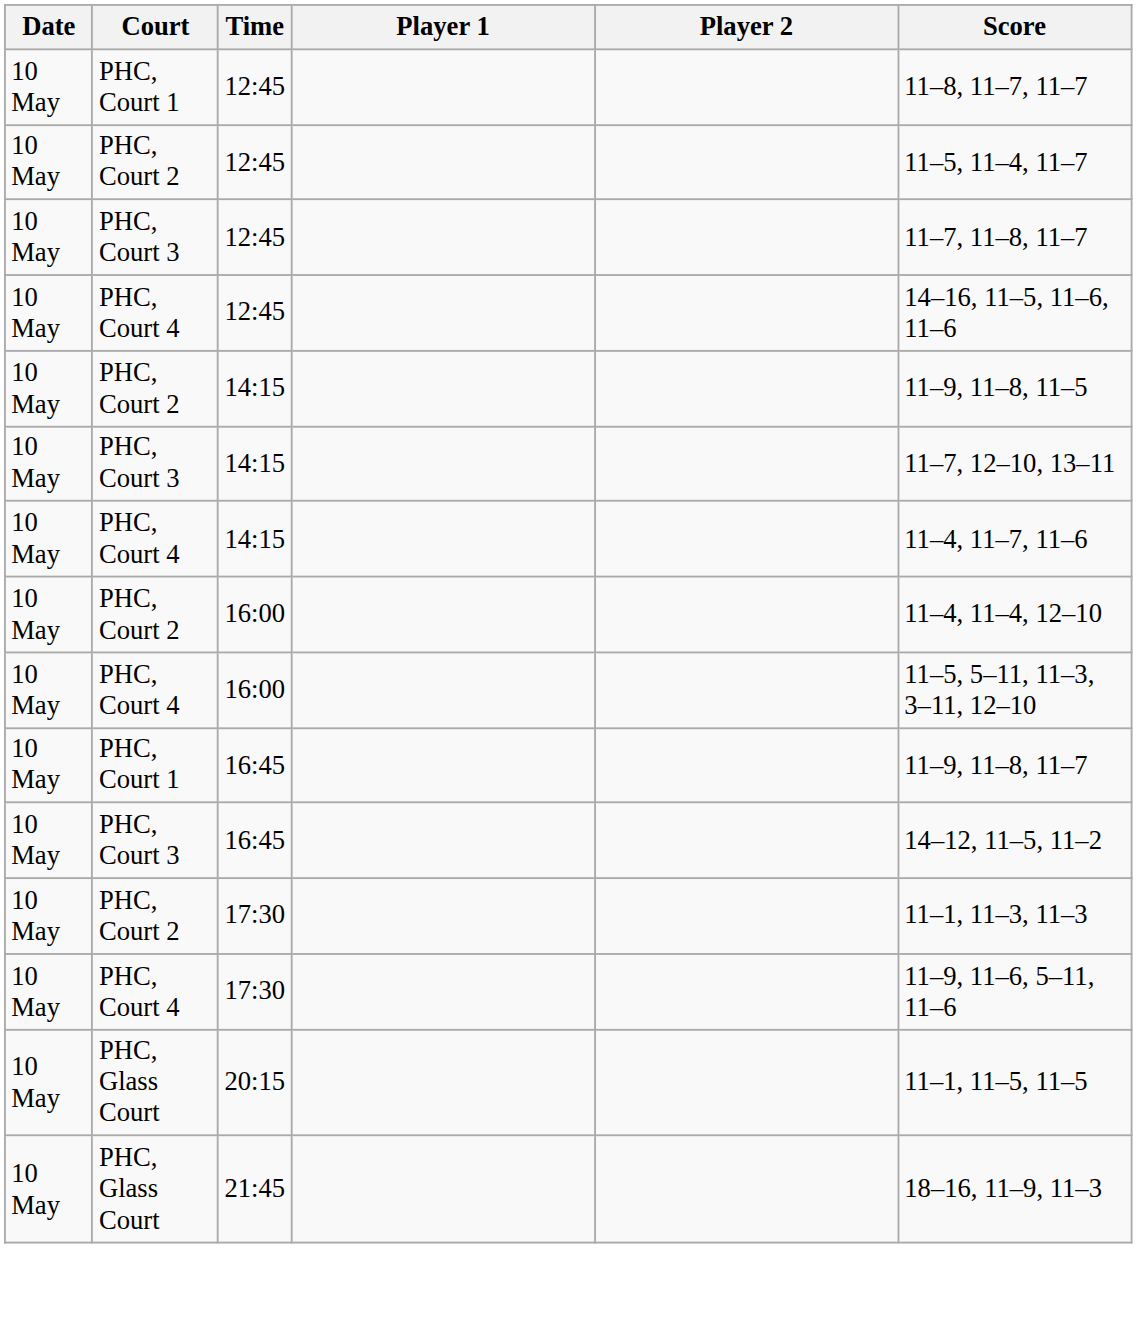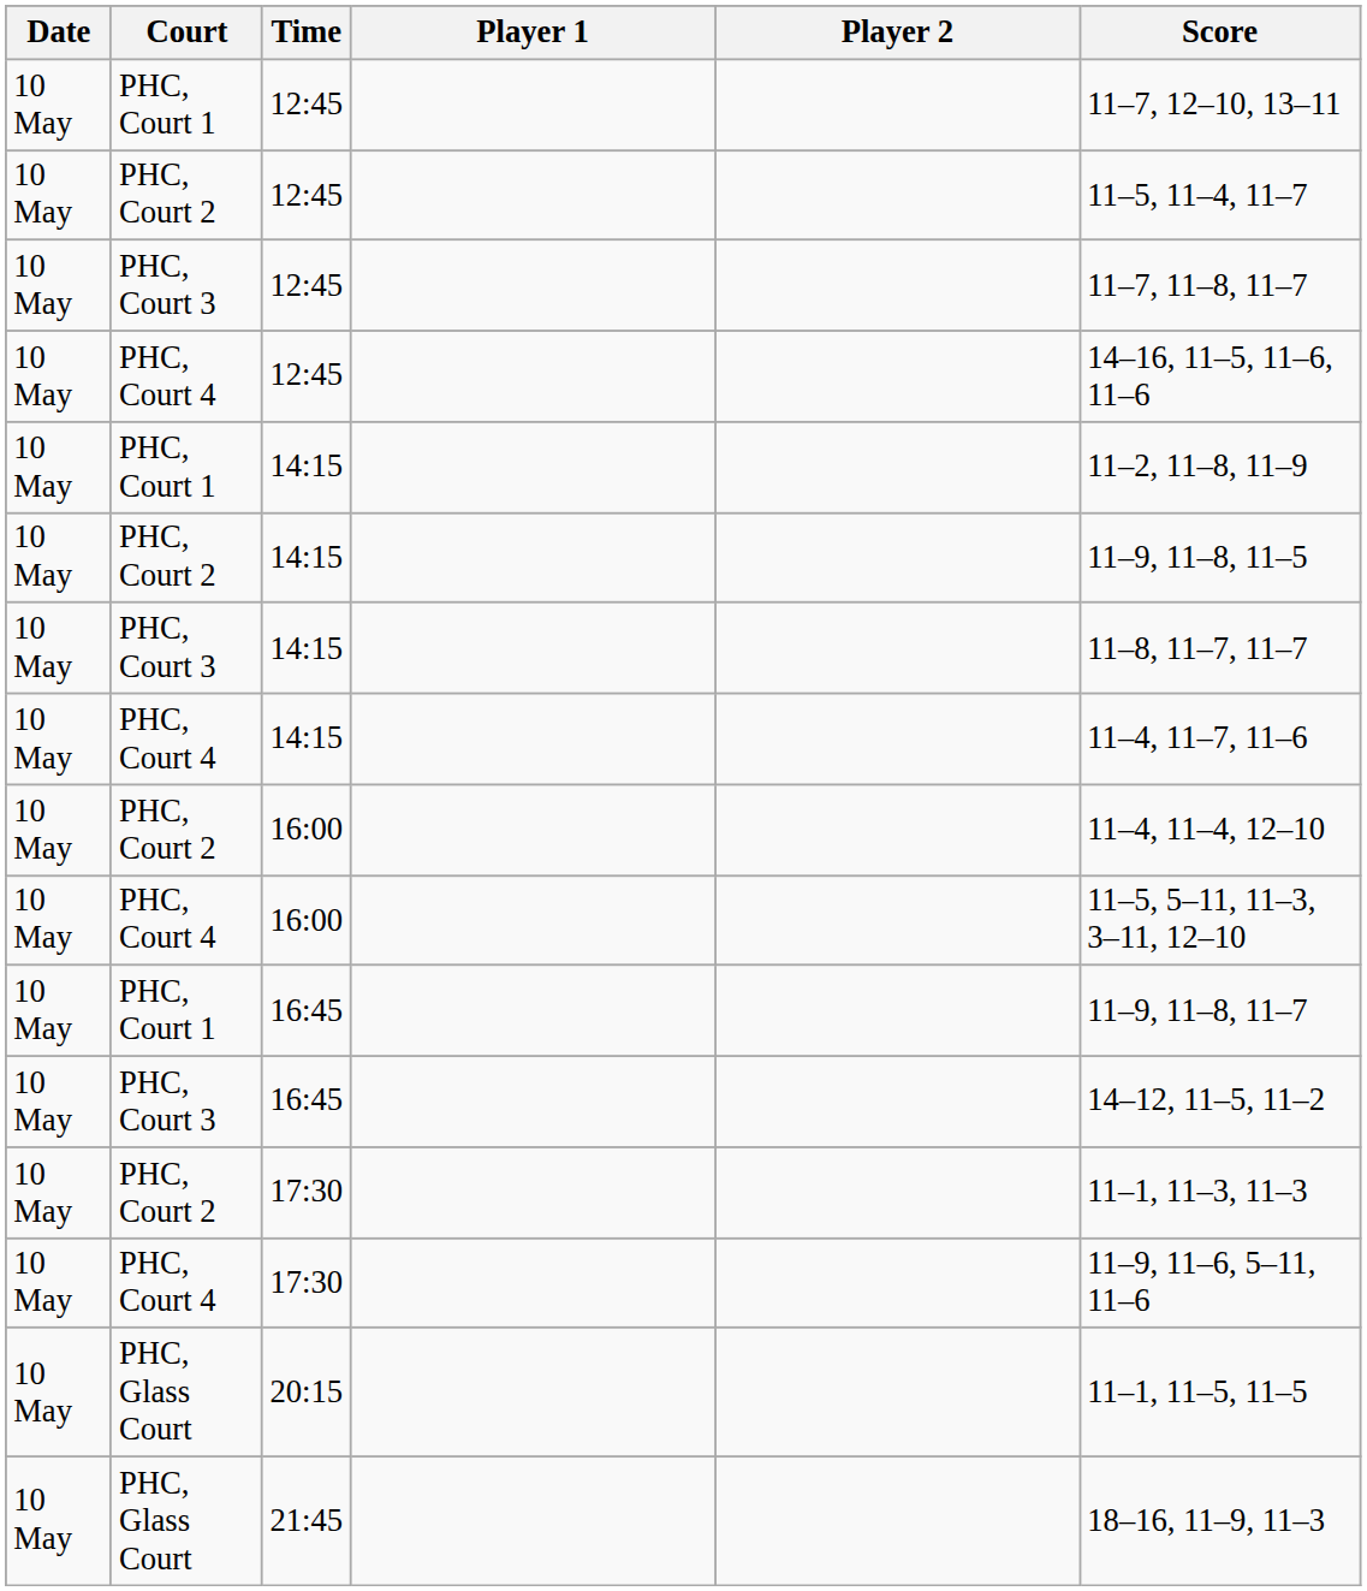 <table class="sortable wikitable" style="font-size:90%">
 <tr>
 <th width="45" class="unsortable">Date</th>
 <th width="70">Court</th>
 <th width="30">Time</th>
 <th width="200">Player 1</th>
 <th width="200">Player 2</th>
 <th width="150" class="unsortable">Score</th>
 </tr>
 <tr>
 <td>10 May</td>
 <td>PHC, Court 1</td>
 <td>12:45</td>
 <td></td>
 <td><strong></strong></td>
-<td>11–8, 11–7, 11–7</td>
+<td>11–7, 12–10, 13–11</td>
 </tr>
 <tr>
 <td>10 May</td>
 <td>PHC, Court 2</td>
 <td>12:45</td>
 <td><strong></strong></td>
 <td></td>
 <td>11–5, 11–4, 11–7</td>
 </tr>
 <tr>
 <td>10 May</td>
 <td>PHC, Court 3</td>
 <td>12:45</td>
 <td><strong></strong></td>
 <td></td>
 <td>11–7, 11–8, 11–7</td>
 </tr>
 <tr>
 <td>10 May</td>
 <td>PHC, Court 4</td>
 <td>12:45</td>
 <td><strong></strong></td>
 <td></td>
 <td>14–16, 11–5, 11–6, 11–6</td>
 </tr>
 <tr>
 <td>10 May</td>
+<td>PHC, Court 1</td>
+<td>14:15</td>
+<td></td>
+<td><strong></strong></td>
+<td>11–2, 11–8, 11–9</td>
+</tr>
+<tr>
+<td>10 May</td>
 <td>PHC, Court 2</td>
 <td>14:15</td>
 <td></td>
 <td><strong></strong></td>
 <td>11–9, 11–8, 11–5</td>
 </tr>
 <tr>
 <td>10 May</td>
 <td>PHC, Court 3</td>
 <td>14:15</td>
 <td></td>
 <td><strong></strong></td>
-<td>11–7, 12–10, 13–11</td>
+<td>11–8, 11–7, 11–7</td>
 </tr>
 <tr>
 <td>10 May</td>
 <td>PHC, Court 4</td>
 <td>14:15</td>
 <td></td>
 <td><strong></strong></td>
 <td>11–4, 11–7, 11–6</td>
 </tr>
 <tr>
 <td>10 May</td>
 <td>PHC, Court 2</td>
 <td>16:00</td>
 <td><strong></strong></td>
 <td></td>
 <td>11–4, 11–4, 12–10</td>
 </tr>
 <tr>
 <td>10 May</td>
 <td>PHC, Court 4</td>
 <td>16:00</td>
 <td><strong></strong></td>
 <td></td>
 <td>11–5, 5–11, 11–3, 3–11, 12–10</td>
 </tr>
 <tr>
 <td>10 May</td>
 <td>PHC, Court 1</td>
 <td>16:45</td>
 <td></td>
 <td><strong></strong></td>
 <td>11–9, 11–8, 11–7</td>
 </tr>
 <tr>
 <td>10 May</td>
 <td>PHC, Court 3</td>
 <td>16:45</td>
 <td></td>
 <td><strong></strong></td>
 <td>14–12, 11–5, 11–2</td>
 </tr>
 <tr>
 <td>10 May</td>
 <td>PHC, Court 2</td>
 <td>17:30</td>
 <td><strong></strong></td>
 <td></td>
 <td>11–1, 11–3, 11–3</td>
 </tr>
 <tr>
 <td>10 May</td>
 <td>PHC, Court 4</td>
 <td>17:30</td>
 <td><strong></strong></td>
 <td></td>
 <td>11–9, 11–6, 5–11, 11–6</td>
 </tr>
 <tr>
 <td>10 May</td>
 <td>PHC, Glass Court</td>
 <td>20:15</td>
 <td></td>
 <td><strong></strong></td>
 <td>11–1, 11–5, 11–5</td>
 </tr>
 <tr>
 <td>10 May</td>
 <td>PHC, Glass Court</td>
 <td>21:45</td>
 <td><strong></strong></td>
 <td></td>
 <td>18–16, 11–9, 11–3</td>
 </tr>
 </table>
